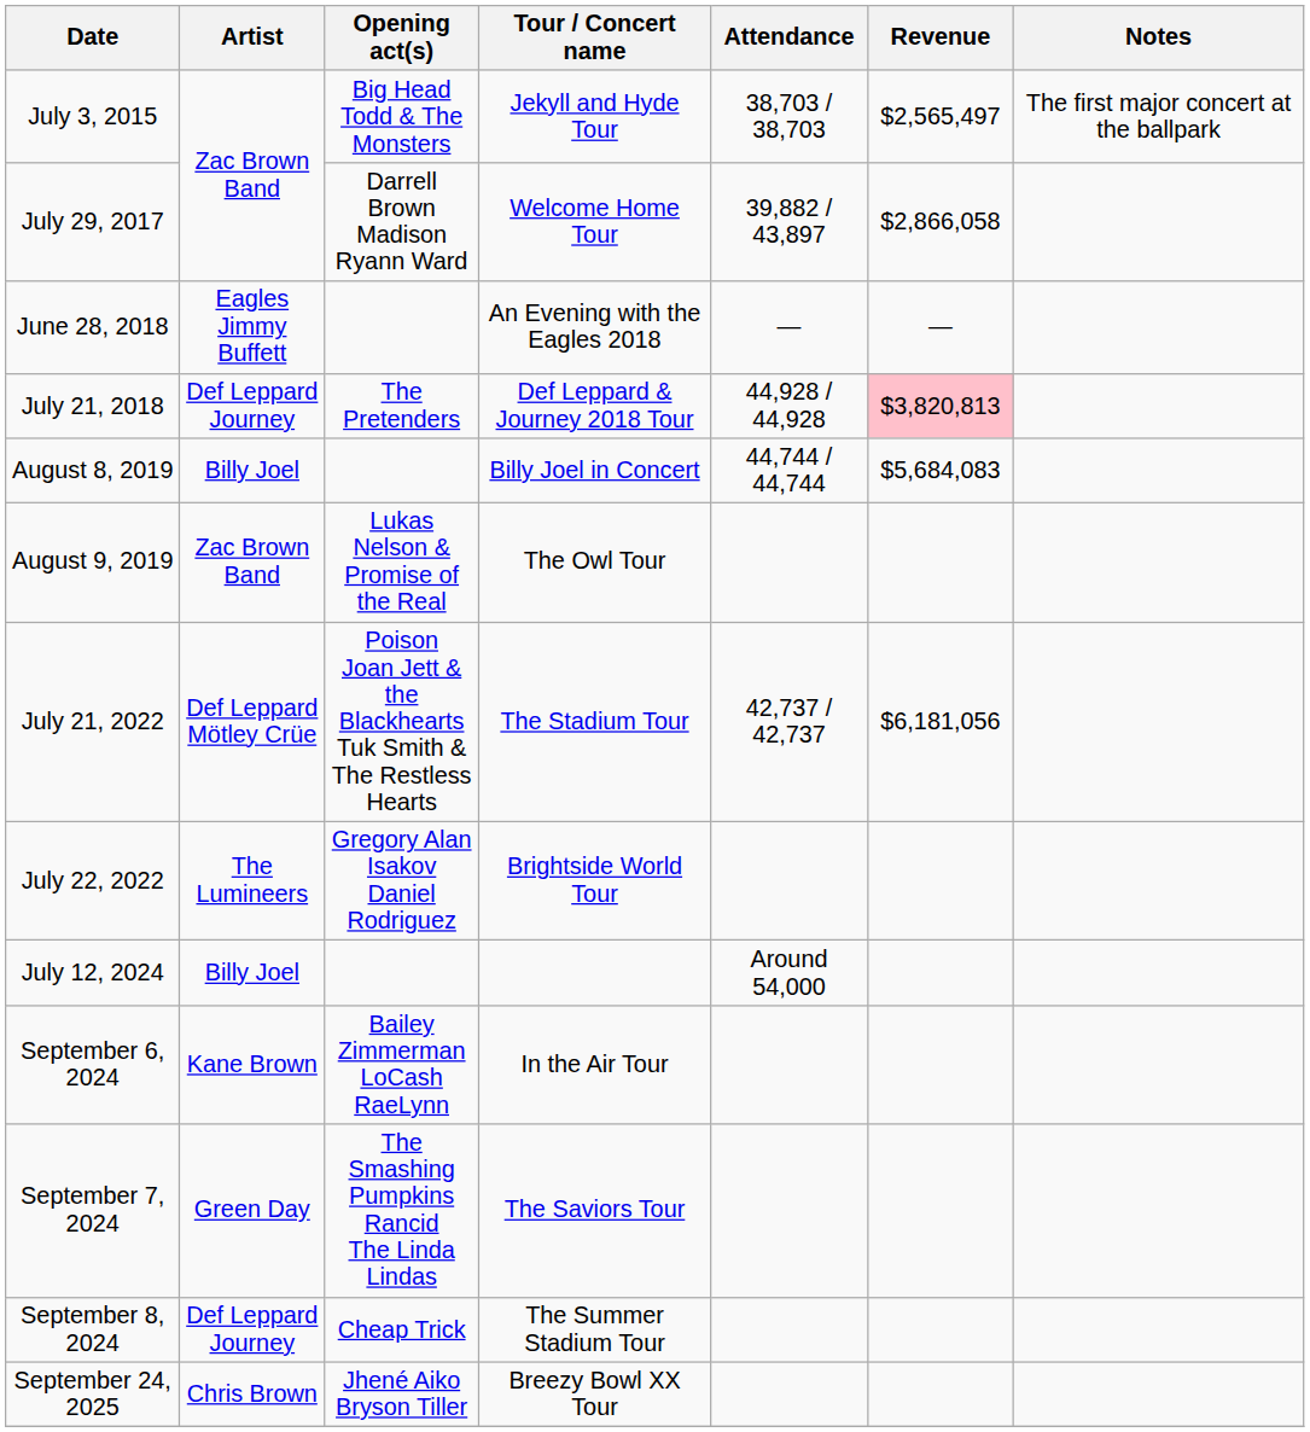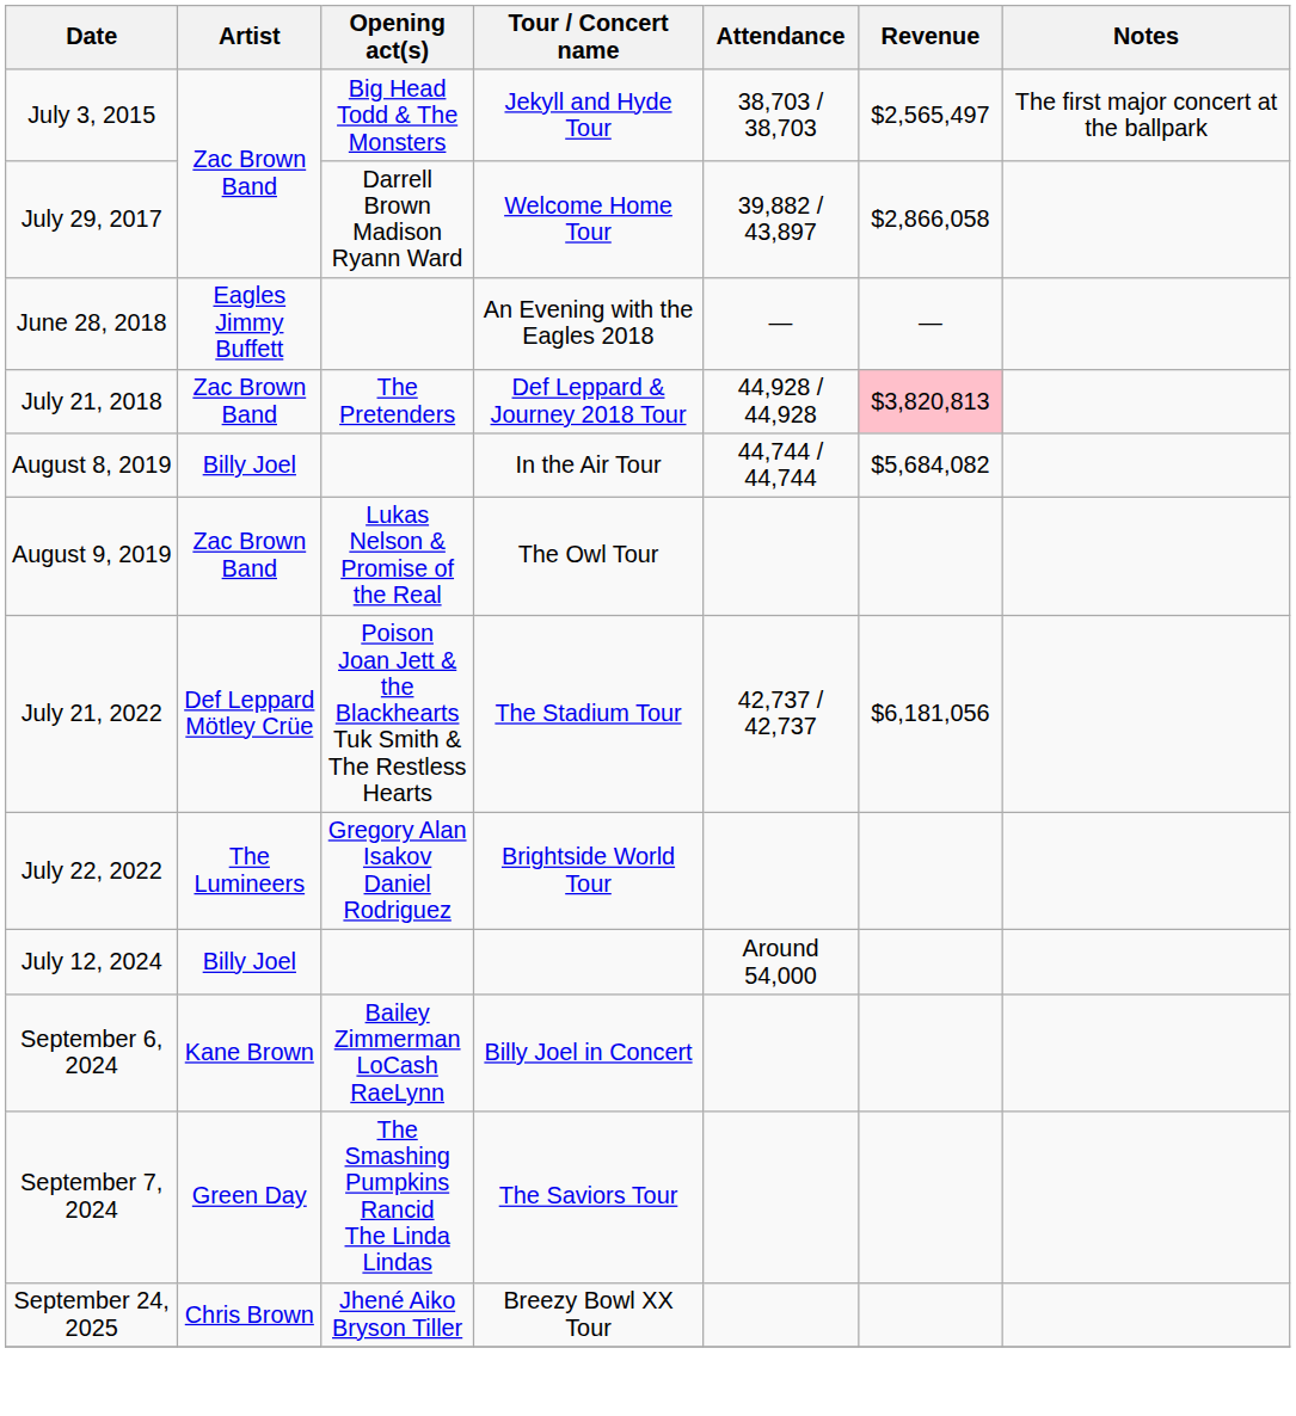 <table class="wikitable" style="text-align:center;">
 <tr>
 <th width=12% style="text-align:center;">Date</th>
 <th width=10% style="text-align:center;">Artist</th>
 <th width=10% style="text-align:center;">Opening act(s)</th>
 <th width=16% style="text-align:center;">Tour / Concert name</th>
 <th width=10% style="text-align:center;">Attendance</th>
 <th width=10% style="text-align:center;">Revenue</th>
 <th width=20% style="text-align:center;">Notes</th>
 </tr>
 <tr>
 <td>July 3, 2015</td>
 <td rowspan=2><a href='#'>Zac Brown Band</a></td>
 <td><a href='#'>Big Head Todd & The Monsters</a></td>
 <td><a href='#'>Jekyll and Hyde Tour</a></td>
 <td>38,703 / 38,703</td>
 <td>$2,565,497</td>
 <td>The first major concert at the ballpark</td>
 </tr>
 <tr>
 <td>July 29, 2017</td>
 <td>Darrell Brown<br>Madison Ryann Ward</td>
 <td><a href='#'>Welcome Home Tour</a></td>
 <td>39,882 / 43,897</td>
 <td>$2,866,058</td>
 <td></td>
 </tr>
 <tr>
 <td>June 28, 2018</td>
 <td><a href='#'>Eagles</a><br><a href='#'>Jimmy Buffett</a></td>
 <td></td>
 <td>An Evening with the Eagles 2018</td>
 <td>—</td>
 <td>—</td>
 <td></td>
 </tr>
 <tr>
 <td>July 21, 2018</td>
-<td><a href='#'>Def Leppard</a><br><a href='#'>Journey</a></td>
+<td><a href='#'>Zac Brown Band</a></td>
 <td><a href='#'>The Pretenders</a></td>
 <td><a href='#'>Def Leppard & Journey 2018 Tour</a></td>
 <td>44,928 / 44,928</td>
 <td style="background: pink;">$3,820,813</td>
 <td></td>
 </tr>
 <tr>
 <td>August 8, 2019</td>
 <td><a href='#'>Billy Joel</a></td>
 <td></td>
-<td><a href='#'>Billy Joel in Concert</a></td>
+<td>In the Air Tour</td>
 <td>44,744 / 44,744</td>
-<td>$5,684,083</td>
+<td>$5,684,082</td>
 <td></td>
 </tr>
 <tr>
 <td>August 9, 2019</td>
 <td><a href='#'>Zac Brown Band</a></td>
 <td><a href='#'>Lukas Nelson & Promise of the Real</a></td>
 <td>The Owl Tour</td>
 <td></td>
 <td></td>
 <td></td>
 </tr>
 <tr>
 <td>July 21, 2022</td>
 <td><a href='#'>Def Leppard</a><br><a href='#'>Mötley Crüe</a></td>
 <td><a href='#'>Poison</a><br><a href='#'>Joan Jett & the Blackhearts</a><br>Tuk Smith & The Restless Hearts</td>
 <td><a href='#'>The Stadium Tour</a></td>
 <td>42,737 / 42,737</td>
 <td>$6,181,056</td>
 <td></td>
 </tr>
 <tr>
 <td>July 22, 2022</td>
 <td><a href='#'>The Lumineers</a></td>
 <td><a href='#'>Gregory Alan Isakov</a><br><a href='#'>Daniel Rodriguez</a></td>
 <td><a href='#'>Brightside World Tour</a></td>
 <td></td>
 <td></td>
 <td></td>
 </tr>
 <tr>
 <td>July 12, 2024</td>
 <td><a href='#'>Billy Joel</a></td>
 <td></td>
 <td></td>
 <td>Around 54,000</td>
 <td></td>
 <td></td>
 </tr>
 <tr>
 <td>September 6, 2024</td>
 <td><a href='#'>Kane Brown</a></td>
 <td><a href='#'>Bailey Zimmerman</a><br><a href='#'>LoCash</a><br><a href='#'>RaeLynn</a></td>
-<td>In the Air Tour</td>
+<td><a href='#'>Billy Joel in Concert</a></td>
 <td></td>
 <td></td>
 <td></td>
 </tr>
 <tr>
 <td>September 7, 2024</td>
 <td><a href='#'>Green Day</a></td>
 <td><a href='#'>The Smashing Pumpkins</a><br><a href='#'>Rancid</a><br><a href='#'>The Linda Lindas</a></td>
 <td><a href='#'>The Saviors Tour</a></td>
-<td></td>
-<td></td>
-<td></td>
-</tr>
-<tr>
-<td>September 8, 2024</td>
-<td><a href='#'>Def Leppard</a><br><a href='#'>Journey</a></td>
-<td><a href='#'>Cheap Trick</a></td>
-<td>The Summer Stadium Tour</td>
 <td></td>
 <td></td>
 <td></td>
 </tr>
 <tr>
 <td>September 24, 2025</td>
 <td><a href='#'>Chris Brown</a></td>
 <td><a href='#'>Jhené Aiko</a><br><a href='#'>Bryson Tiller</a></td>
 <td>Breezy Bowl XX Tour</td>
 <td></td>
 <td></td>
 <td></td>
 </tr>
 <tr>
 </tr>
 </table>
